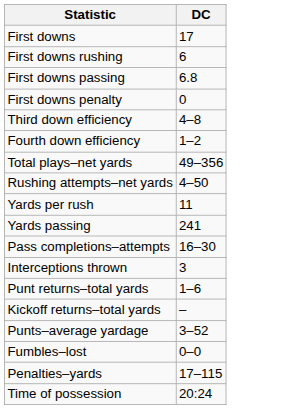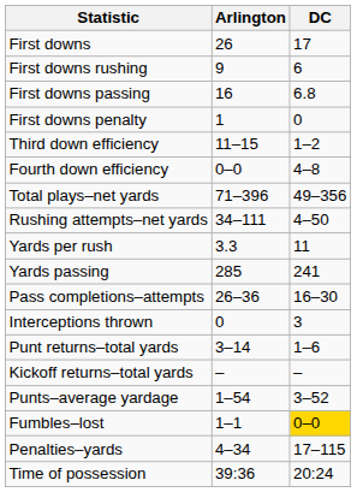 <table class="wikitable">
 <tr>
 <th>Statistic</th>
+<th><strong>Arlington</strong></th>
 <th><strong>DC</strong></th>
 </tr>
 <tr>
 <td>First downs</td>
+<td>26</td>
 <td>17</td>
 </tr>
 <tr>
 <td>First downs rushing</td>
+<td>9</td>
 <td>6</td>
 </tr>
 <tr>
 <td>First downs passing</td>
+<td>16</td>
 <td>6.8</td>
 </tr>
 <tr>
 <td>First downs penalty</td>
+<td>1</td>
 <td>0</td>
 </tr>
 <tr>
 <td>Third down efficiency</td>
+<td>11–15</td>
+<td>1–2</td>
+</tr>
+<tr>
+<td>Fourth down efficiency</td>
+<td>0–0</td>
 <td>4–8</td>
 </tr>
 <tr>
-<td>Fourth down efficiency</td>
-<td>1–2</td>
-</tr>
-<tr>
 <td>Total plays–net yards</td>
+<td>71–396</td>
 <td>49–356</td>
 </tr>
 <tr>
 <td>Rushing attempts–net yards</td>
+<td>34–111</td>
 <td>4–50</td>
 </tr>
 <tr>
 <td>Yards per rush</td>
+<td>3.3</td>
 <td>11</td>
 </tr>
 <tr>
 <td>Yards passing</td>
+<td>285</td>
 <td>241</td>
 </tr>
 <tr>
 <td>Pass completions–attempts</td>
+<td>26–36</td>
 <td>16–30</td>
 </tr>
 <tr>
 <td>Interceptions thrown</td>
+<td>0</td>
 <td>3</td>
 </tr>
 <tr>
 <td>Punt returns–total yards</td>
+<td>3–14</td>
 <td>1–6</td>
 </tr>
 <tr>
 <td>Kickoff returns–total yards</td>
 <td>–</td>
+<td>–</td>
 </tr>
 <tr>
 <td>Punts–average yardage</td>
+<td>1–54</td>
 <td>3–52</td>
 </tr>
 <tr>
 <td>Fumbles–lost</td>
-<td>0–0</td>
+<td>1–1</td>
+<td style="background: gold;">0–0</td>
 </tr>
 <tr>
 <td>Penalties–yards</td>
+<td>4–34</td>
 <td>17–115</td>
 </tr>
 <tr>
 <td>Time of possession</td>
+<td>39:36</td>
 <td>20:24</td>
 </tr>
 </table>
